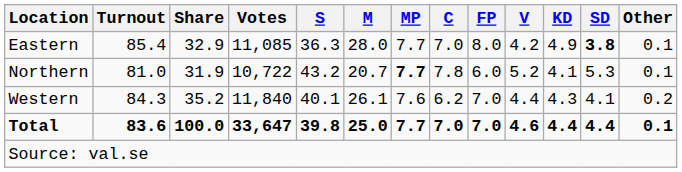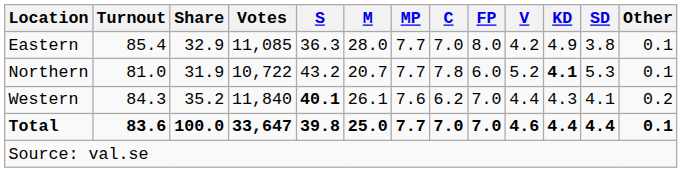 <table class="wikitable sortable" style=text-align:right>
 <tr>
 <th>Location</th>
 <th>Turnout</th>
 <th>Share</th>
 <th>Votes</th>
 <th><a href='#'>S</a></th>
 <th><a href='#'>M</a></th>
 <th><a href='#'>MP</a></th>
 <th><a href='#'>C</a></th>
 <th><a href='#'>FP</a></th>
 <th><a href='#'>V</a></th>
 <th><a href='#'>KD</a></th>
 <th><a href='#'>SD</a></th>
 <th>Other</th>
 </tr>
 <tr>
 <td align=left>Eastern</td>
 <td>85.4</td>
 <td>32.9</td>
 <td>11,085</td>
 <td>36.3</td>
 <td>28.0</td>
 <td>7.7</td>
 <td>7.0</td>
 <td>8.0</td>
 <td>4.2</td>
 <td>4.9</td>
-<td><strong>3.8</strong></td>
+<td>3.8</td>
 <td>0.1</td>
 </tr>
 <tr>
 <td align=left>Northern</td>
 <td>81.0</td>
 <td>31.9</td>
 <td>10,722</td>
 <td>43.2</td>
 <td>20.7</td>
-<td><strong>7.7</strong></td>
+<td>7.7</td>
 <td>7.8</td>
 <td>6.0</td>
 <td>5.2</td>
-<td>4.1</td>
+<td><strong>4.1</strong></td>
 <td>5.3</td>
 <td>0.1</td>
 </tr>
 <tr>
 <td align=left>Western</td>
 <td>84.3</td>
 <td>35.2</td>
 <td>11,840</td>
-<td>40.1</td>
+<td><strong>40.1</strong></td>
 <td>26.1</td>
 <td>7.6</td>
 <td>6.2</td>
 <td>7.0</td>
 <td>4.4</td>
 <td>4.3</td>
 <td>4.1</td>
 <td>0.2</td>
 </tr>
 <tr>
 <td align=left><strong>Total</strong></td>
 <td><strong>83.6</strong></td>
 <td><strong>100.0</strong></td>
 <td><strong>33,647</strong></td>
 <td><strong>39.8</strong></td>
 <td><strong>25.0</strong></td>
 <td><strong>7.7</strong></td>
 <td><strong>7.0</strong></td>
 <td><strong>7.0</strong></td>
 <td><strong>4.6</strong></td>
 <td><strong>4.4</strong></td>
 <td><strong>4.4</strong></td>
 <td><strong>0.1</strong></td>
 </tr>
 <tr>
 <td align=left colspan=13>Source: val.se </td>
 </tr>
 </table>
